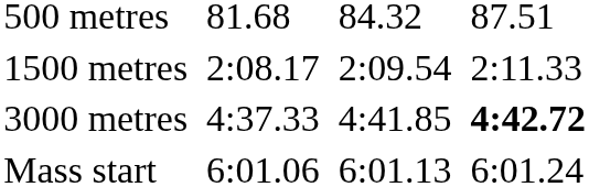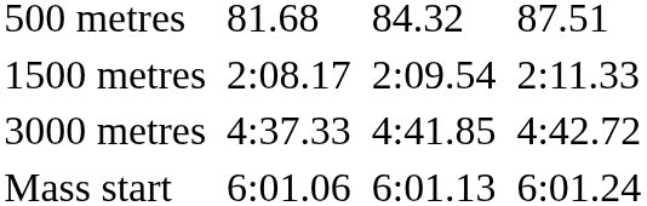 <table>
 <tr>
 <td>500 metres<br></td>
 <td></td>
 <td>81.68</td>
 <td></td>
 <td>84.32</td>
 <td></td>
 <td>87.51</td>
 </tr>
 <tr>
 <td>1500 metres<br></td>
 <td></td>
 <td>2:08.17</td>
 <td></td>
 <td>2:09.54</td>
 <td></td>
 <td>2:11.33</td>
 </tr>
 <tr>
 <td>3000 metres<br></td>
 <td></td>
 <td>4:37.33</td>
 <td></td>
 <td>4:41.85</td>
 <td></td>
-<td><strong>4:42.72</strong></td>
+<td>4:42.72</td>
 </tr>
 <tr>
 <td>Mass start<br></td>
 <td></td>
 <td>6:01.06</td>
 <td></td>
 <td>6:01.13</td>
 <td></td>
 <td>6:01.24</td>
 </tr>
 </table>
